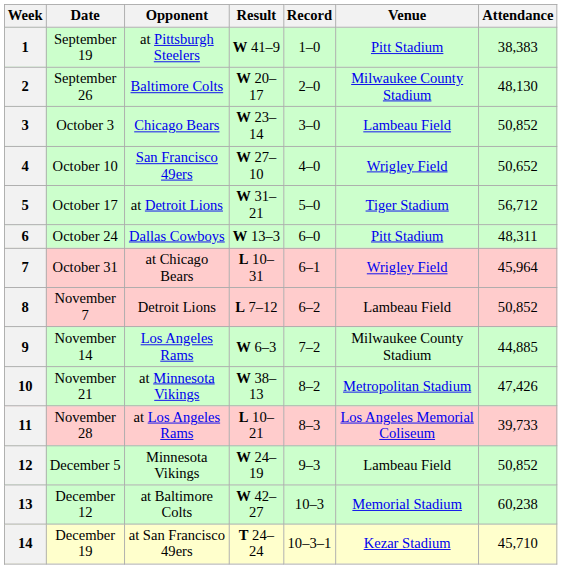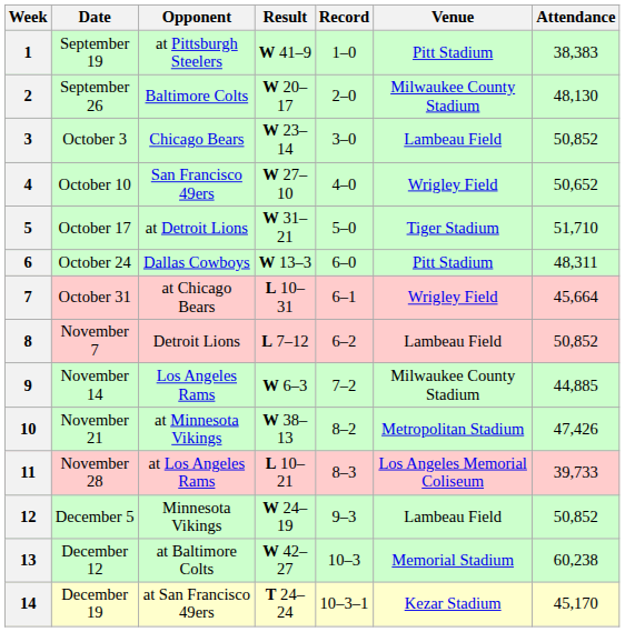 <table class="wikitable" style="text-align:center">
 <tr>
 <th>Week</th>
 <th>Date</th>
 <th>Opponent</th>
 <th>Result</th>
 <th>Record</th>
 <th>Venue</th>
 <th>Attendance</th>
 </tr>
 <tr style="background:#cfc">
 <th>1</th>
 <td>September 19</td>
 <td>at <a href='#'>Pittsburgh Steelers</a></td>
 <td><strong>W</strong> 41–9</td>
 <td>1–0</td>
 <td><a href='#'>Pitt Stadium</a></td>
 <td>38,383</td>
 </tr>
 <tr style="background:#cfc">
 <th>2</th>
 <td>September 26</td>
 <td><a href='#'>Baltimore Colts</a></td>
 <td><strong>W</strong> 20–17</td>
 <td>2–0</td>
 <td><a href='#'>Milwaukee County Stadium</a></td>
 <td>48,130</td>
 </tr>
 <tr style="background:#cfc">
 <th>3</th>
 <td>October 3</td>
 <td><a href='#'>Chicago Bears</a></td>
 <td><strong>W</strong> 23–14</td>
 <td>3–0</td>
 <td><a href='#'>Lambeau Field</a></td>
 <td>50,852</td>
 </tr>
 <tr style="background:#cfc">
 <th>4</th>
 <td>October 10</td>
 <td><a href='#'>San Francisco 49ers</a></td>
 <td><strong>W</strong> 27–10</td>
 <td>4–0</td>
 <td><a href='#'>Wrigley Field</a></td>
 <td>50,652</td>
 </tr>
 <tr style="background:#cfc">
 <th>5</th>
 <td>October 17</td>
 <td>at <a href='#'>Detroit Lions</a></td>
 <td><strong>W</strong> 31–21</td>
 <td>5–0</td>
 <td><a href='#'>Tiger Stadium</a></td>
-<td>56,712</td>
+<td>51,710</td>
 </tr>
 <tr style="background:#cfc">
 <th>6</th>
 <td>October 24</td>
 <td><a href='#'>Dallas Cowboys</a></td>
 <td><strong>W</strong> 13–3</td>
 <td>6–0</td>
 <td><a href='#'>Pitt Stadium</a></td>
 <td>48,311</td>
 </tr>
 <tr style="background:#fcc">
 <th>7</th>
 <td>October 31</td>
 <td>at Chicago Bears</td>
 <td><strong>L</strong> 10–31</td>
 <td>6–1</td>
 <td><a href='#'>Wrigley Field</a></td>
-<td>45,964</td>
+<td>45,664</td>
 </tr>
 <tr style="background:#fcc">
 <th>8</th>
 <td>November 7</td>
 <td>Detroit Lions</td>
 <td><strong>L</strong> 7–12</td>
 <td>6–2</td>
 <td>Lambeau Field</td>
 <td>50,852</td>
 </tr>
 <tr style="background:#cfc">
 <th>9</th>
 <td>November 14</td>
 <td><a href='#'>Los Angeles Rams</a></td>
 <td><strong>W</strong> 6–3</td>
 <td>7–2</td>
 <td>Milwaukee County Stadium</td>
 <td>44,885</td>
 </tr>
 <tr style="background:#cfc">
 <th>10</th>
 <td>November 21</td>
 <td>at <a href='#'>Minnesota Vikings</a></td>
 <td><strong>W</strong> 38–13</td>
 <td>8–2</td>
 <td><a href='#'>Metropolitan Stadium</a></td>
 <td>47,426</td>
 </tr>
 <tr style="background:#fcc">
 <th>11</th>
 <td>November 28</td>
 <td>at <a href='#'>Los Angeles Rams</a></td>
 <td><strong>L</strong> 10–21</td>
 <td>8–3</td>
 <td><a href='#'>Los Angeles Memorial Coliseum</a></td>
 <td>39,733</td>
 </tr>
 <tr style="background:#cfc">
 <th>12</th>
 <td>December 5</td>
 <td>Minnesota Vikings</td>
 <td><strong>W</strong> 24–19</td>
 <td>9–3</td>
 <td>Lambeau Field</td>
 <td>50,852</td>
 </tr>
 <tr style="background:#cfc">
 <th>13</th>
 <td>December 12</td>
 <td>at Baltimore Colts</td>
 <td><strong>W</strong> 42–27</td>
 <td>10–3</td>
 <td><a href='#'>Memorial Stadium</a></td>
 <td>60,238</td>
 </tr>
 <tr style="background:#ffc">
 <th>14</th>
 <td>December 19</td>
 <td>at San Francisco 49ers</td>
 <td><strong>T</strong> 24–24</td>
 <td>10–3–1</td>
 <td><a href='#'>Kezar Stadium</a></td>
-<td>45,710</td>
+<td>45,170</td>
 </tr>
 </table>
